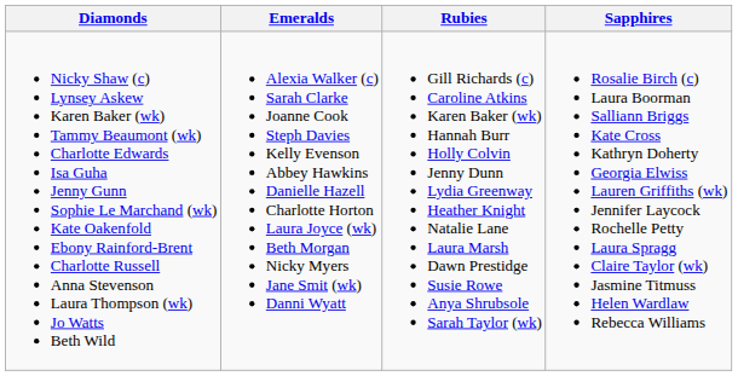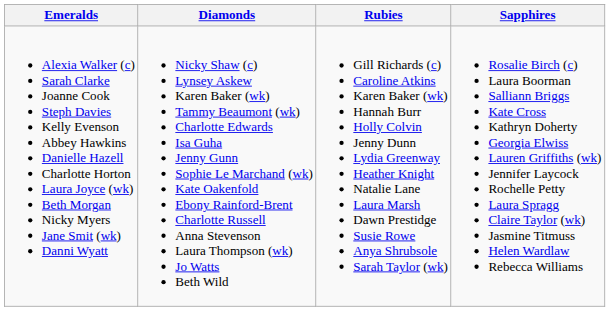 <table class="wikitable" Style="font-size:95%;">
 <tr>
+<th><a href='#'>Emeralds</a></th>
 <th><a href='#'>Diamonds</a></th>
-<th><a href='#'>Emeralds</a></th>
 <th><a href='#'>Rubies</a></th>
 <th><a href='#'>Sapphires</a></th>
 </tr>
 <tr>
+<td valign=top><br><ul><li> <a href='#'>Alexia Walker</a> (<a href='#'>c</a>)</li><li> <a href='#'>Sarah Clarke</a></li><li> Joanne Cook</li><li> <a href='#'>Steph Davies</a></li><li> Kelly Evenson</li><li> Abbey Hawkins</li><li> <a href='#'>Danielle Hazell</a></li><li> Charlotte Horton</li><li> <a href='#'>Laura Joyce</a> (<a href='#'>wk</a>)</li><li> <a href='#'>Beth Morgan</a></li><li> Nicky Myers</li><li> <a href='#'>Jane Smit</a> (<a href='#'>wk</a>)</li><li> <a href='#'>Danni Wyatt</a></li></ul></td>
 <td valign=top><br><ul><li> <a href='#'>Nicky Shaw</a> (<a href='#'>c</a>)</li><li> <a href='#'>Lynsey Askew</a></li><li> Karen Baker (<a href='#'>wk</a>)</li><li> <a href='#'>Tammy Beaumont</a> (<a href='#'>wk</a>)</li><li> <a href='#'>Charlotte Edwards</a></li><li> <a href='#'>Isa Guha</a></li><li> <a href='#'>Jenny Gunn</a></li><li> <a href='#'>Sophie Le Marchand</a> (<a href='#'>wk</a>)</li><li> <a href='#'>Kate Oakenfold</a></li><li> <a href='#'>Ebony Rainford-Brent</a></li><li> <a href='#'>Charlotte Russell</a></li><li> Anna Stevenson</li><li> Laura Thompson (<a href='#'>wk</a>)</li><li> <a href='#'>Jo Watts</a></li><li> Beth Wild</li></ul></td>
-<td valign=top><br><ul><li> <a href='#'>Alexia Walker</a> (<a href='#'>c</a>)</li><li> <a href='#'>Sarah Clarke</a></li><li> Joanne Cook</li><li> <a href='#'>Steph Davies</a></li><li> Kelly Evenson</li><li> Abbey Hawkins</li><li> <a href='#'>Danielle Hazell</a></li><li> Charlotte Horton</li><li> <a href='#'>Laura Joyce</a> (<a href='#'>wk</a>)</li><li> <a href='#'>Beth Morgan</a></li><li> Nicky Myers</li><li> <a href='#'>Jane Smit</a> (<a href='#'>wk</a>)</li><li> <a href='#'>Danni Wyatt</a></li></ul></td>
 <td valign=top><br><ul><li> Gill Richards (<a href='#'>c</a>)</li><li> <a href='#'>Caroline Atkins</a></li><li> Karen Baker (<a href='#'>wk</a>)</li><li> Hannah Burr</li><li> <a href='#'>Holly Colvin</a></li><li> Jenny Dunn</li><li> <a href='#'>Lydia Greenway</a></li><li> <a href='#'>Heather Knight</a></li><li> Natalie Lane</li><li> <a href='#'>Laura Marsh</a></li><li> Dawn Prestidge</li><li> <a href='#'>Susie Rowe</a></li><li> <a href='#'>Anya Shrubsole</a></li><li> <a href='#'>Sarah Taylor</a> (<a href='#'>wk</a>)</li></ul></td>
 <td valign=top><br><ul><li> <a href='#'>Rosalie Birch</a> (<a href='#'>c</a>)</li><li> Laura Boorman</li><li> <a href='#'>Salliann Briggs</a></li><li> <a href='#'>Kate Cross</a></li><li> Kathryn Doherty</li><li> <a href='#'>Georgia Elwiss</a></li><li> <a href='#'>Lauren Griffiths</a> (<a href='#'>wk</a>)</li><li> Jennifer Laycock</li><li> Rochelle Petty</li><li> <a href='#'>Laura Spragg</a></li><li> <a href='#'>Claire Taylor</a> (<a href='#'>wk</a>)</li><li> Jasmine Titmuss</li><li> <a href='#'>Helen Wardlaw</a></li><li> Rebecca Williams</li></ul></td>
 </tr>
 </table>
